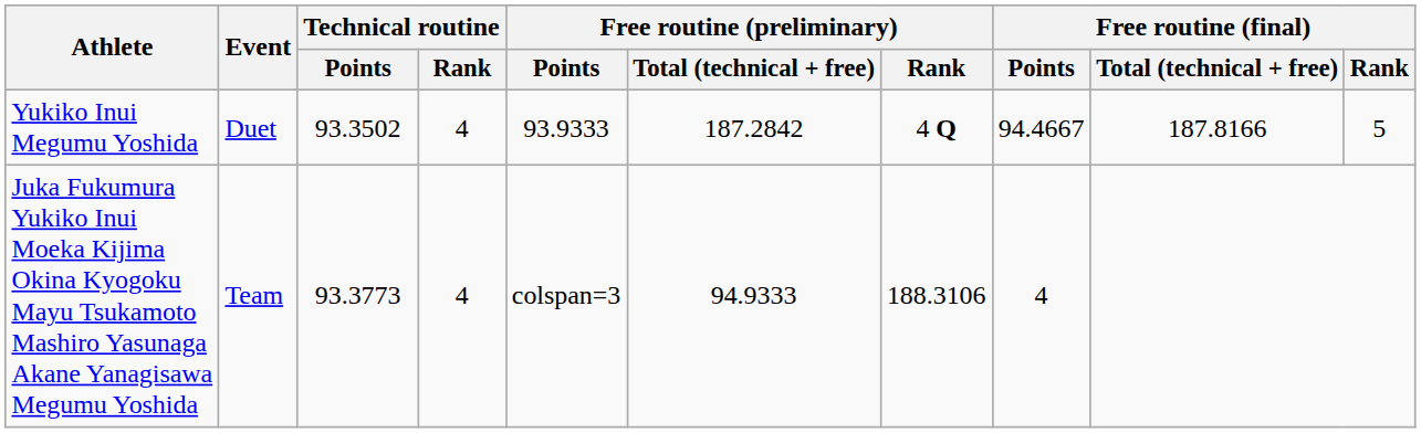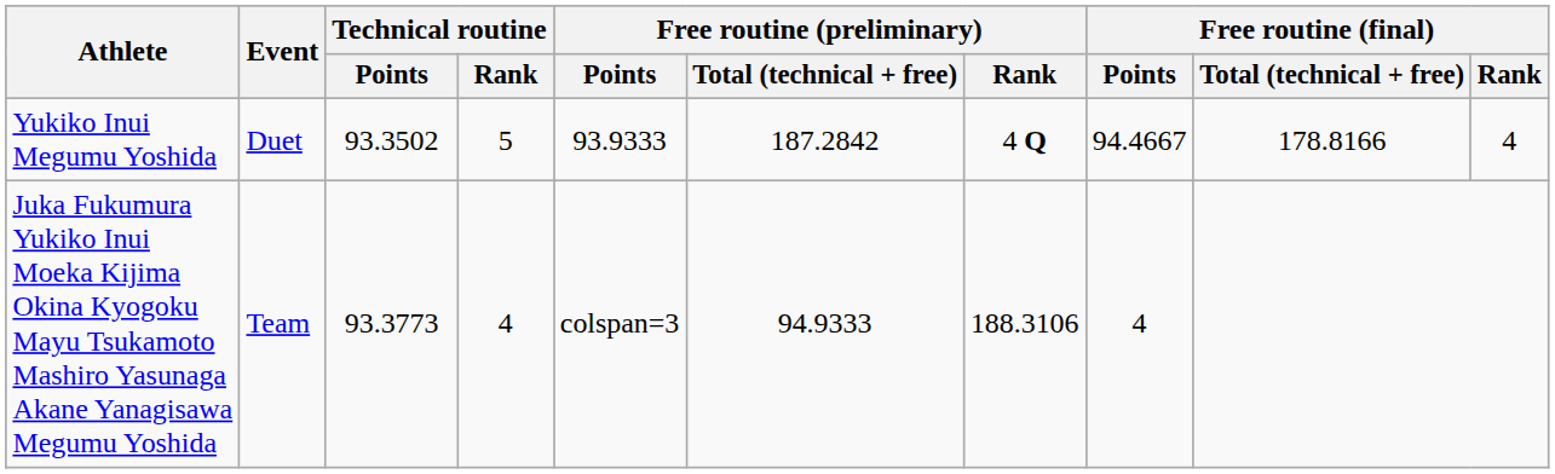 <table class="wikitable" style="font-size:90%">
 <tr>
 <th rowspan="2">Athlete</th>
 <th rowspan="2">Event</th>
 <th colspan=2>Technical routine</th>
 <th colspan=3>Free routine (preliminary)</th>
 <th colspan=3>Free routine (final)</th>
 </tr>
 <tr style="font-size:95%">
 <th>Points</th>
 <th>Rank</th>
 <th>Points</th>
 <th>Total (technical + free)</th>
 <th>Rank</th>
 <th>Points</th>
 <th>Total (technical + free)</th>
 <th>Rank</th>
 </tr>
 <tr align=center>
 <td align=left><a href='#'>Yukiko Inui</a><br><a href='#'>Megumu Yoshida</a></td>
 <td align=left><a href='#'>Duet</a></td>
 <td>93.3502</td>
-<td>4</td>
+<td>5</td>
 <td>93.9333</td>
 <td>187.2842</td>
 <td>4 <strong>Q</strong></td>
 <td>94.4667</td>
-<td>187.8166</td>
-<td>5</td>
+<td>178.8166</td>
+<td>4</td>
 </tr>
 <tr align=center>
 <td align=left><a href='#'>Juka Fukumura</a><br><a href='#'>Yukiko Inui</a><br><a href='#'>Moeka Kijima</a><br><a href='#'>Okina Kyogoku</a><br><a href='#'>Mayu Tsukamoto</a><br><a href='#'>Mashiro Yasunaga</a><br><a href='#'>Akane Yanagisawa</a><br><a href='#'>Megumu Yoshida</a></td>
 <td align=left><a href='#'>Team</a></td>
 <td>93.3773</td>
 <td>4</td>
 <td>colspan=3 </td>
 <td>94.9333</td>
 <td>188.3106</td>
 <td>4</td>
 </tr>
 </table>
